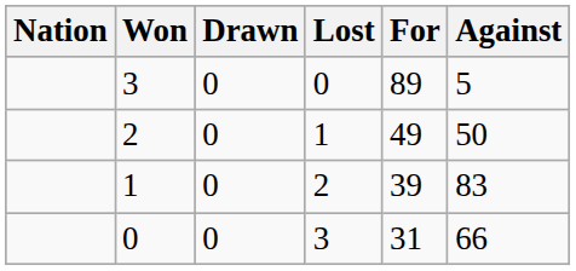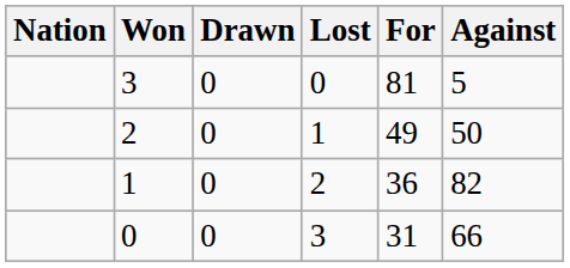 <table class="wikitable">
 <tr>
 <th>Nation</th>
 <th>Won</th>
 <th>Drawn</th>
 <th>Lost</th>
 <th>For</th>
 <th>Against</th>
 </tr>
 <tr>
 <td></td>
 <td>3</td>
 <td>0</td>
 <td>0</td>
-<td>89</td>
+<td>81</td>
 <td>5</td>
 </tr>
 <tr>
 <td></td>
 <td>2</td>
 <td>0</td>
 <td>1</td>
 <td>49</td>
 <td>50</td>
 </tr>
 <tr>
 <td></td>
 <td>1</td>
 <td>0</td>
 <td>2</td>
-<td>39</td>
-<td>83</td>
+<td>36</td>
+<td>82</td>
 </tr>
 <tr>
 <td></td>
 <td>0</td>
 <td>0</td>
 <td>3</td>
 <td>31</td>
 <td>66</td>
 </tr>
 </table>
